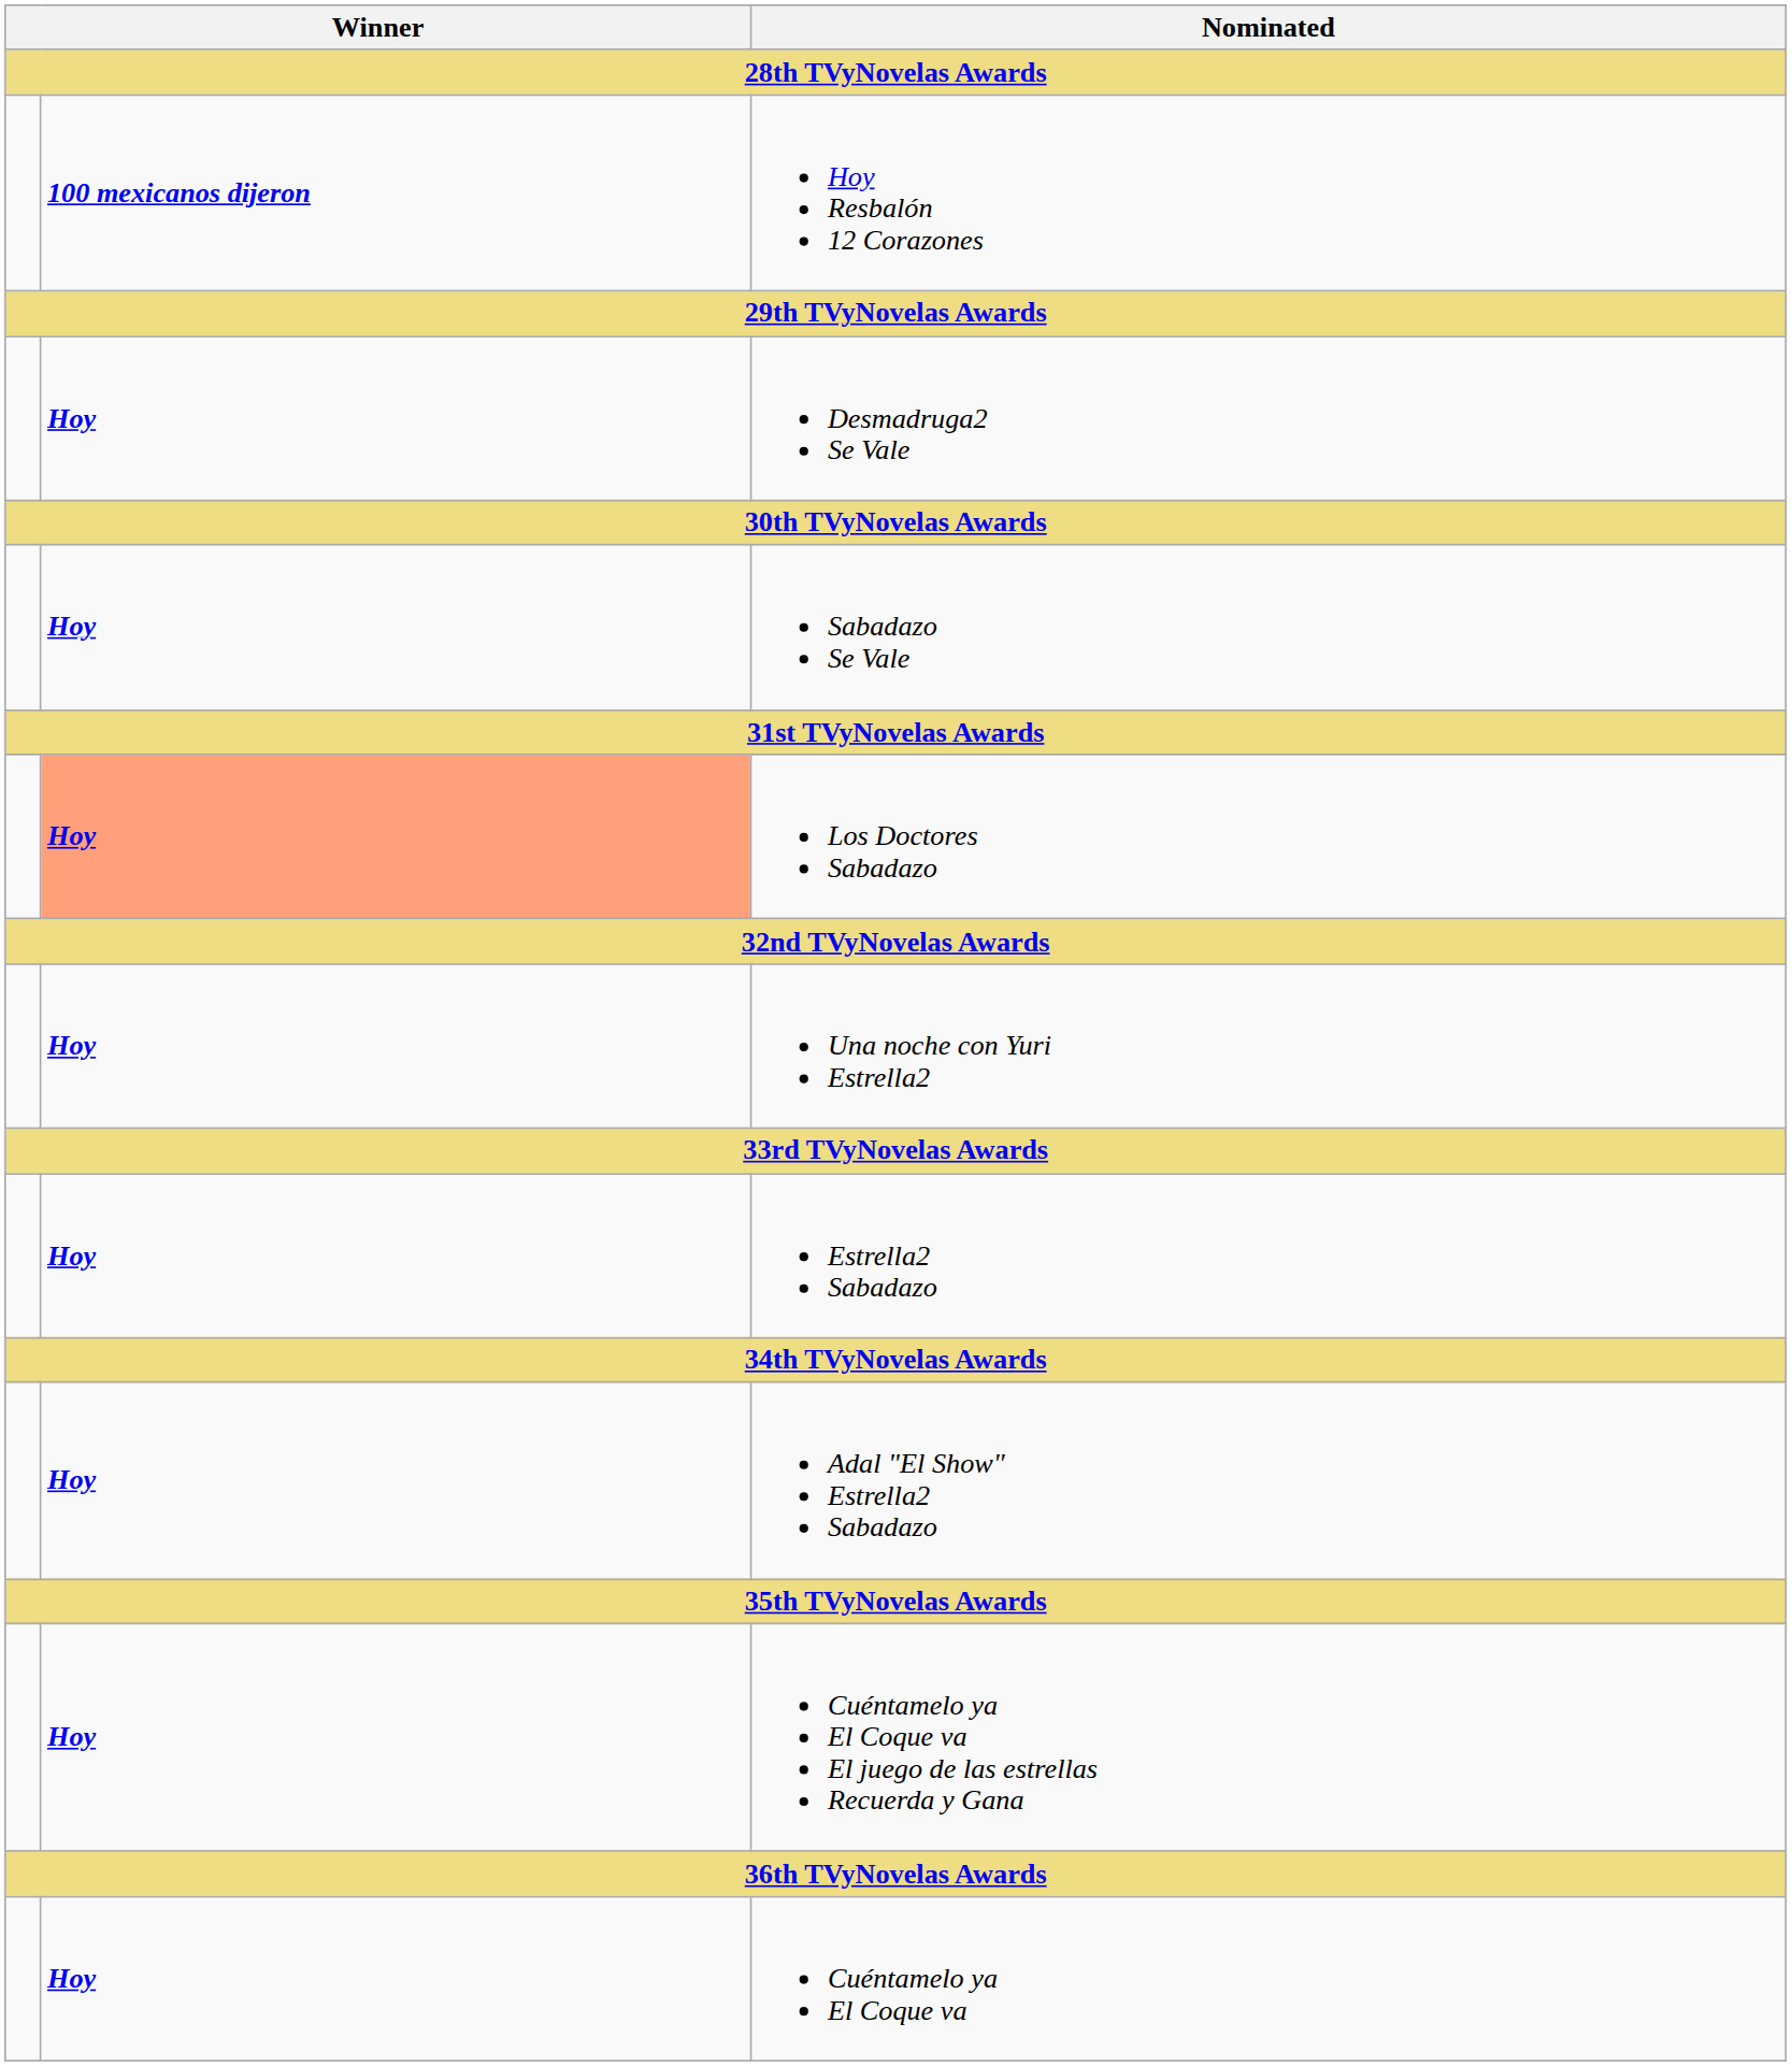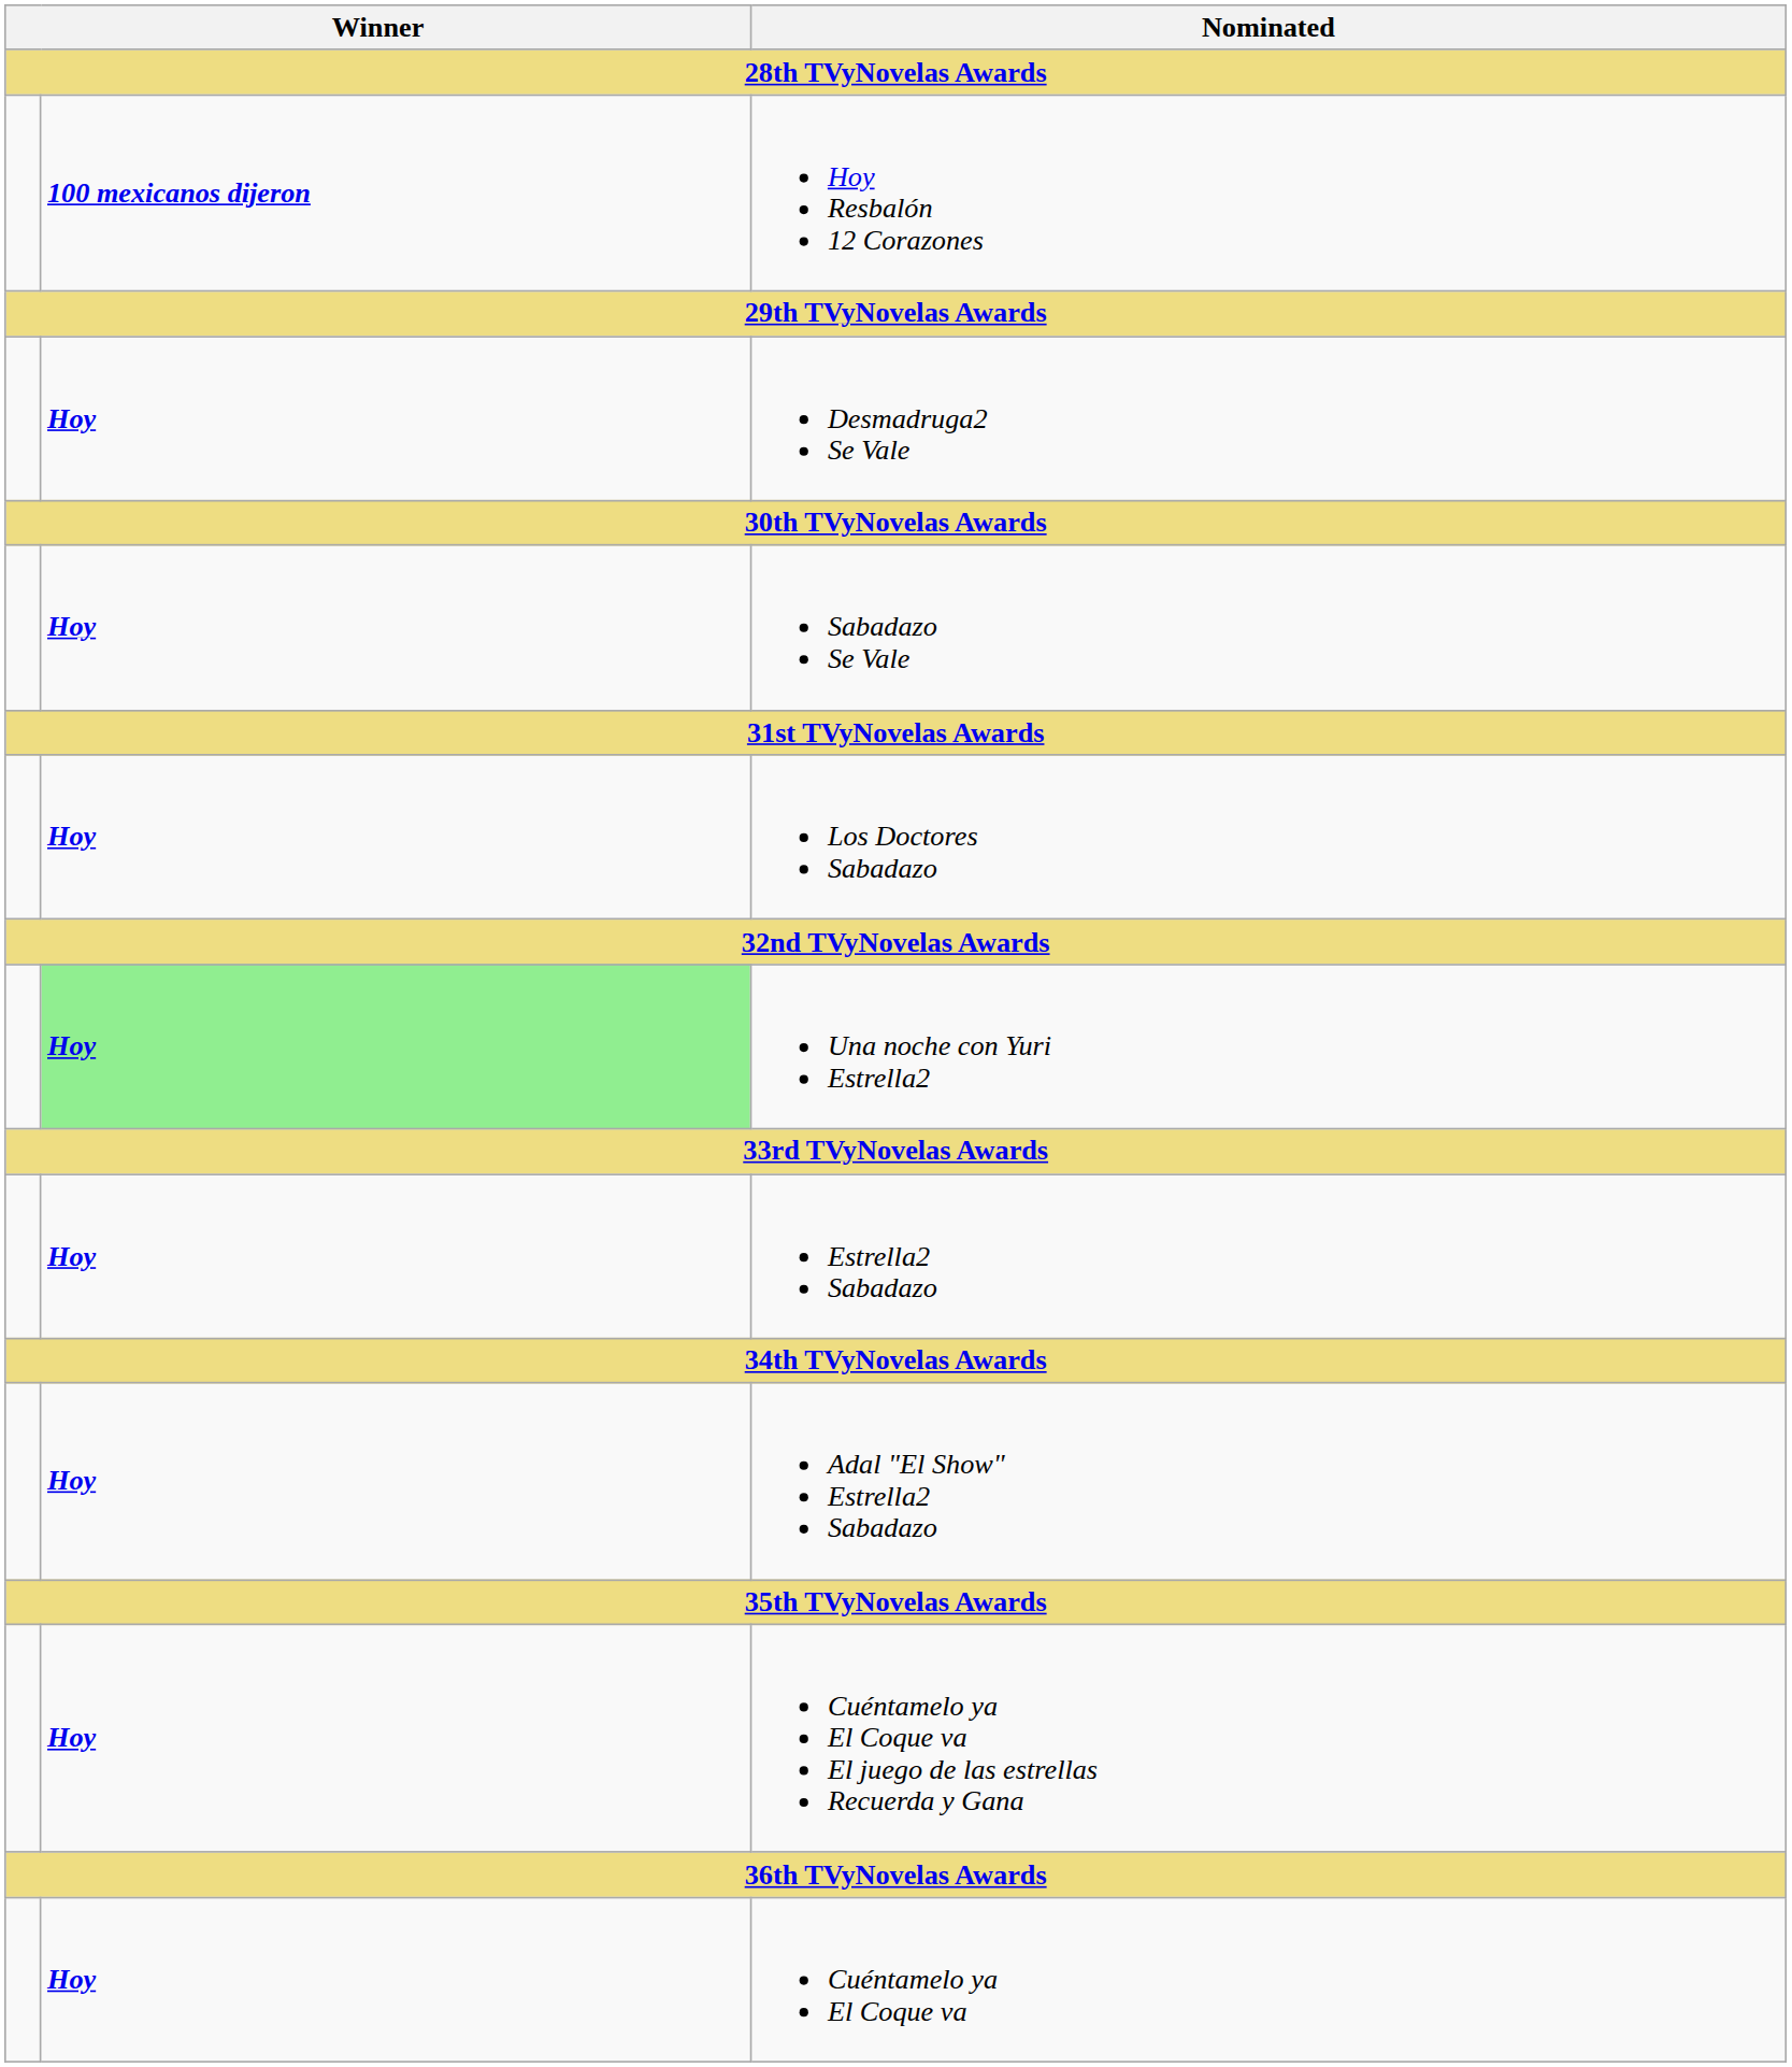 <table class="wikitable" width=80%>
 <tr align=center>
 <th width="150px;" colspan=2; align="center">Winner</th>
 <th width="580px;" align="center">Nominated</th>
 </tr>
 <tr>
 <th colspan=9 style="background:#EEDD82;"  align="center"><strong><a href='#'>28th TVyNovelas Awards</a></strong></th>
 </tr>
 <tr>
 <td width=2%></td>
 <td><strong><em><a href='#'>100 mexicanos dijeron</a></em></strong></td>
 <td><br><ul><li><em><a href='#'>Hoy</a></em></li><li><em>Resbalón</em></li><li><em>12 Corazones</em></li></ul></td>
 </tr>
 <tr>
 <th colspan=9 style="background:#EEDD82;"  align="center"><strong><a href='#'>29th TVyNovelas Awards</a></strong></th>
 </tr>
 <tr>
 <td width=2%></td>
 <td><strong><em><a href='#'>Hoy</a></em></strong></td>
 <td><br><ul><li><em>Desmadruga2</em></li><li><em>Se Vale</em></li></ul></td>
 </tr>
 <tr>
 <th colspan=9 style="background:#EEDD82;"  align="center"><strong><a href='#'>30th TVyNovelas Awards</a></strong></th>
 </tr>
 <tr>
 <td width=2%></td>
 <td><strong><em><a href='#'>Hoy</a></em></strong></td>
 <td><br><ul><li><em>Sabadazo</em></li><li><em>Se Vale</em></li></ul></td>
 </tr>
 <tr>
 <th colspan=9 style="background:#EEDD82;"  align="center"><strong><a href='#'>31st TVyNovelas Awards</a></strong></th>
 </tr>
 <tr>
 <td width=2%></td>
-<td style="background: lightsalmon;"><strong><em><a href='#'>Hoy</a></em></strong></td>
+<td><strong><em><a href='#'>Hoy</a></em></strong></td>
 <td><br><ul><li><em>Los Doctores</em></li><li><em>Sabadazo</em></li></ul></td>
 </tr>
 <tr>
 <th colspan=9 style="background:#EEDD82;"  align="center"><strong><a href='#'>32nd TVyNovelas Awards</a></strong></th>
 </tr>
 <tr>
 <td width=2%></td>
-<td><strong><em><a href='#'>Hoy</a></em></strong></td>
+<td style="background: lightgreen;"><strong><em><a href='#'>Hoy</a></em></strong></td>
 <td><br><ul><li><em>Una noche con Yuri</em></li><li><em>Estrella2</em></li></ul></td>
 </tr>
 <tr>
 <th colspan=9 style="background:#EEDD82;"  align="center"><strong><a href='#'>33rd TVyNovelas Awards</a></strong></th>
 </tr>
 <tr>
 <td width=2%></td>
 <td><strong><em><a href='#'>Hoy</a></em></strong></td>
 <td><br><ul><li><em>Estrella2</em></li><li><em>Sabadazo</em></li></ul></td>
 </tr>
 <tr>
 <th colspan=9 style="background:#EEDD82;"  align="center"><strong><a href='#'>34th TVyNovelas Awards</a></strong></th>
 </tr>
 <tr>
 <td width=2%></td>
 <td><strong><em><a href='#'>Hoy</a></em></strong></td>
 <td><br><ul><li><em>Adal "El Show"</em></li><li><em>Estrella2</em></li><li><em>Sabadazo</em></li></ul></td>
 </tr>
 <tr>
 <th colspan=9 style="background:#EEDD82;"  align="center"><strong><a href='#'>35th TVyNovelas Awards</a></strong></th>
 </tr>
 <tr>
 <td width=2%></td>
 <td><strong><em><a href='#'>Hoy</a></em></strong></td>
 <td><br><ul><li><em>Cuéntamelo ya</em></li><li><em>El Coque va</em></li><li><em>El juego de las estrellas</em></li><li><em>Recuerda y Gana</em></li></ul></td>
 </tr>
 <tr>
 <th colspan=9 style="background:#EEDD82;"  align="center"><strong><a href='#'>36th TVyNovelas Awards</a></strong></th>
 </tr>
 <tr>
 <td width=2%></td>
 <td><strong><em><a href='#'>Hoy</a></em></strong></td>
 <td><br><ul><li><em>Cuéntamelo ya</em></li><li><em>El Coque va</em></li></ul></td>
 </tr>
 </table>
